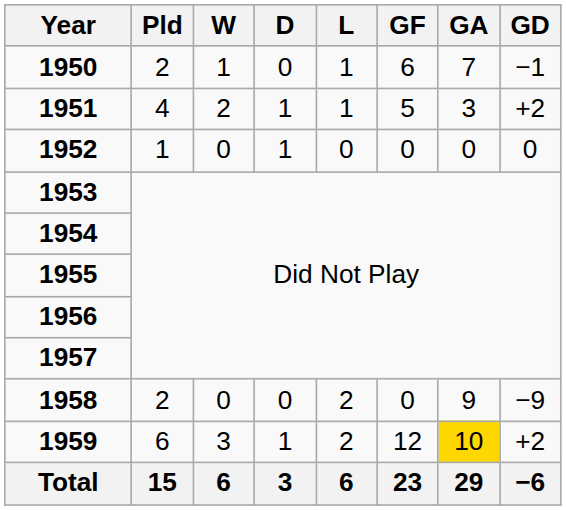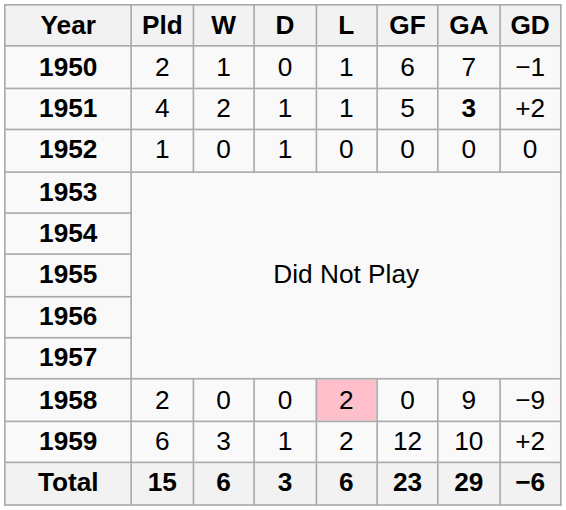 <table class="wikitable" style="text-align: center;">
 <tr>
 <th width=70>Year</th>
 <th width=30>Pld</th>
 <th width=30>W</th>
 <th width=30>D</th>
 <th width=30>L</th>
 <th width=30>GF</th>
 <th width=30>GA</th>
 <th width=30>GD</th>
 </tr>
 <tr>
 <td><strong>1950</strong></td>
 <td>2</td>
 <td>1</td>
 <td>0</td>
 <td>1</td>
 <td>6</td>
 <td>7</td>
 <td>−1</td>
 </tr>
 <tr>
 <td><strong>1951</strong></td>
 <td>4</td>
 <td>2</td>
 <td>1</td>
 <td>1</td>
 <td>5</td>
-<td>3</td>
+<td><strong>3</strong></td>
 <td>+2</td>
 </tr>
 <tr>
 <td><strong>1952</strong></td>
 <td>1</td>
 <td>0</td>
 <td>1</td>
 <td>0</td>
 <td>0</td>
 <td>0</td>
 <td>0</td>
 </tr>
 <tr>
 <td><strong>1953</strong></td>
 <td colspan=7 rowspan=5>Did Not Play</td>
 </tr>
 <tr>
 <td><strong>1954</strong></td>
 </tr>
 <tr>
 <td><strong>1955</strong></td>
 </tr>
 <tr>
 <td><strong>1956</strong></td>
 </tr>
 <tr>
 <td><strong>1957</strong></td>
 </tr>
 <tr>
 <td><strong>1958</strong></td>
 <td>2</td>
 <td>0</td>
 <td>0</td>
-<td>2</td>
+<td style="background: pink;">2</td>
 <td>0</td>
 <td>9</td>
 <td>−9</td>
 </tr>
 <tr>
 <td><strong>1959</strong></td>
 <td>6</td>
 <td>3</td>
 <td>1</td>
 <td>2</td>
 <td>12</td>
-<td style="background: gold;">10</td>
+<td>10</td>
 <td>+2</td>
 </tr>
 <tr>
 <th>Total</th>
 <th>15</th>
 <th>6</th>
 <th>3</th>
 <th>6</th>
 <th>23</th>
 <th>29</th>
 <th>−6</th>
 </tr>
 </table>
